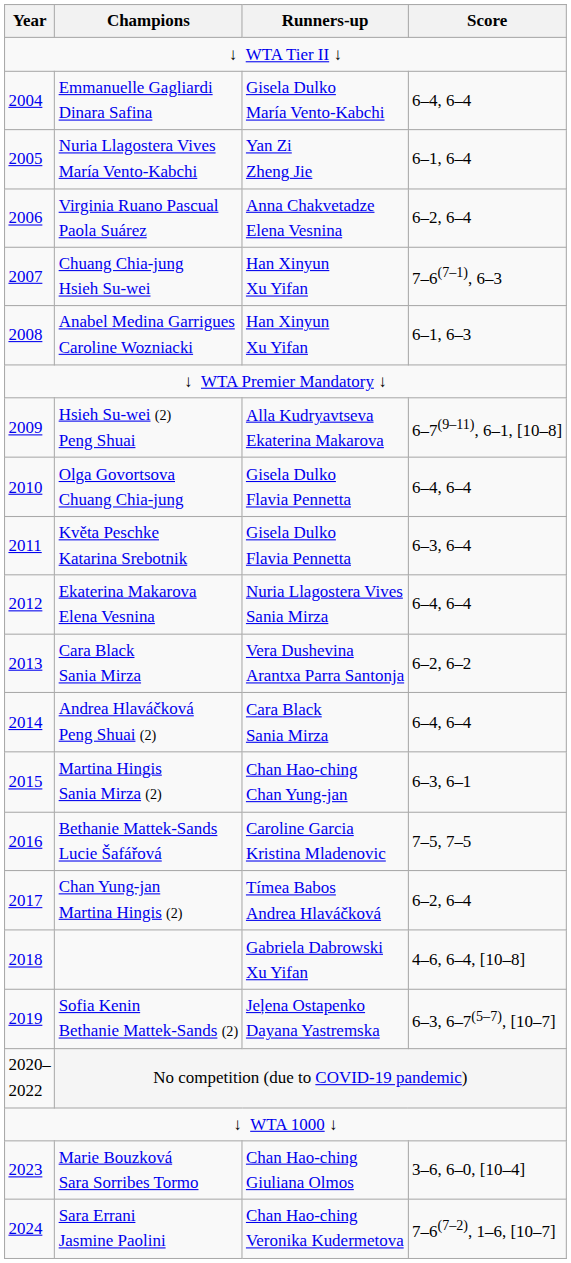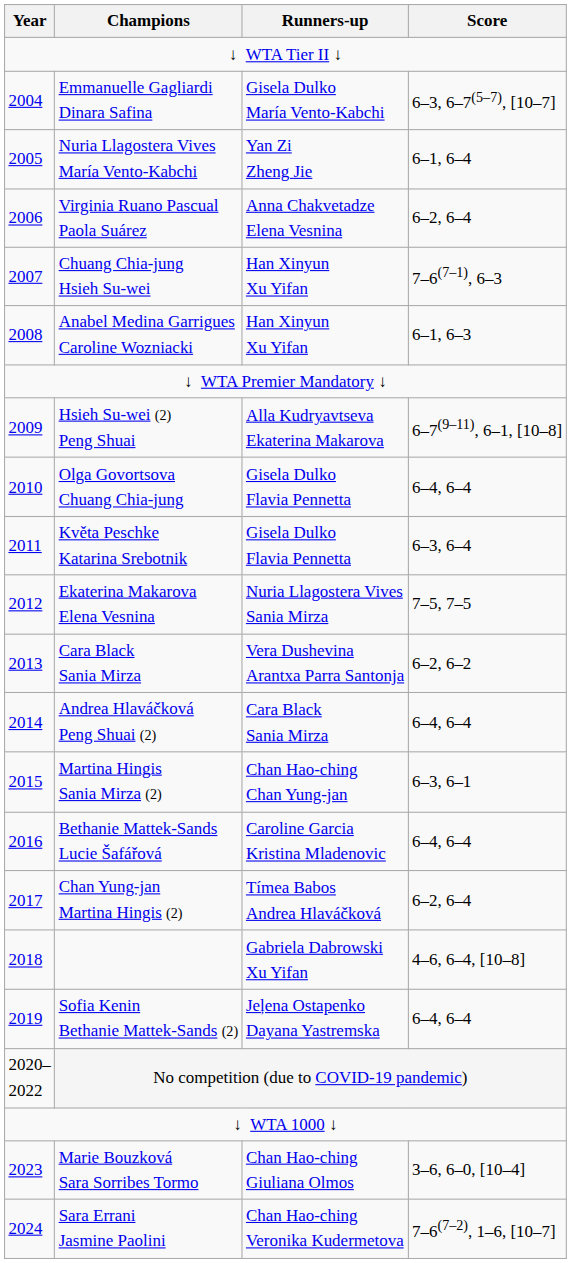 <table class="wikitable sortable" style="font-size:1.00em; line-height:1.5em;">
 <tr>
 <th>Year</th>
 <th>Champions</th>
 <th>Runners-up</th>
 <th>Score</th>
 </tr>
 <tr>
 <td colspan=5 align=center>↓  <a href='#'>WTA Tier II</a> ↓</td>
 </tr>
 <tr>
 <td><a href='#'>2004</a></td>
 <td> <a href='#'>Emmanuelle Gagliardi</a><br> <a href='#'>Dinara Safina</a></td>
 <td> <a href='#'>Gisela Dulko</a><br> <a href='#'>María Vento-Kabchi</a></td>
-<td>6–4, 6–4</td>
+<td>6–3, 6–7<sup>(5–7)</sup>, [10–7]</td>
 </tr>
 <tr>
 <td><a href='#'>2005</a></td>
 <td> <a href='#'>Nuria Llagostera Vives</a><br> <a href='#'>María Vento-Kabchi</a></td>
 <td> <a href='#'>Yan Zi</a><br> <a href='#'>Zheng Jie</a></td>
 <td>6–1, 6–4</td>
 </tr>
 <tr>
 <td><a href='#'>2006</a></td>
 <td> <a href='#'>Virginia Ruano Pascual</a><br> <a href='#'>Paola Suárez</a></td>
 <td> <a href='#'>Anna Chakvetadze</a><br> <a href='#'>Elena Vesnina</a></td>
 <td>6–2, 6–4</td>
 </tr>
 <tr>
 <td><a href='#'>2007</a></td>
 <td> <a href='#'>Chuang Chia-jung</a><br> <a href='#'>Hsieh Su-wei</a></td>
 <td> <a href='#'>Han Xinyun</a><br> <a href='#'>Xu Yifan</a></td>
 <td>7–6<sup>(7–1)</sup>, 6–3</td>
 </tr>
 <tr>
 <td><a href='#'>2008</a></td>
 <td> <a href='#'>Anabel Medina Garrigues</a><br> <a href='#'>Caroline Wozniacki</a></td>
 <td> <a href='#'>Han Xinyun</a><br> <a href='#'>Xu Yifan</a></td>
 <td>6–1, 6–3</td>
 </tr>
 <tr>
 <td colspan=5 align=center>↓  <a href='#'>WTA Premier Mandatory</a> ↓</td>
 </tr>
 <tr>
 <td><a href='#'>2009</a></td>
 <td> <a href='#'>Hsieh Su-wei</a> <small> (2) </small> <br> <a href='#'>Peng Shuai</a></td>
 <td> <a href='#'>Alla Kudryavtseva</a><br> <a href='#'>Ekaterina Makarova</a></td>
 <td>6–7<sup>(9–11)</sup>, 6–1, [10–8]</td>
 </tr>
 <tr>
 <td><a href='#'>2010</a></td>
 <td> <a href='#'>Olga Govortsova</a><br> <a href='#'>Chuang Chia-jung</a></td>
 <td> <a href='#'>Gisela Dulko</a><br> <a href='#'>Flavia Pennetta</a></td>
 <td>6–4, 6–4</td>
 </tr>
 <tr>
 <td><a href='#'>2011</a></td>
 <td> <a href='#'>Květa Peschke</a><br> <a href='#'>Katarina Srebotnik</a></td>
 <td> <a href='#'>Gisela Dulko</a><br> <a href='#'>Flavia Pennetta</a></td>
 <td>6–3, 6–4</td>
 </tr>
 <tr>
 <td><a href='#'>2012</a></td>
 <td> <a href='#'>Ekaterina Makarova</a> <br>  <a href='#'>Elena Vesnina</a></td>
 <td> <a href='#'>Nuria Llagostera Vives</a> <br>  <a href='#'>Sania Mirza</a></td>
-<td>6–4, 6–4</td>
+<td>7–5, 7–5</td>
 </tr>
 <tr>
 <td><a href='#'>2013</a></td>
 <td> <a href='#'>Cara Black</a> <br>  <a href='#'>Sania Mirza</a></td>
 <td> <a href='#'>Vera Dushevina</a> <br>  <a href='#'>Arantxa Parra Santonja</a></td>
 <td>6–2, 6–2</td>
 </tr>
 <tr>
 <td><a href='#'>2014</a></td>
 <td> <a href='#'>Andrea Hlaváčková</a><br> <a href='#'>Peng Shuai</a> <small> (2) </small></td>
 <td> <a href='#'>Cara Black</a><br> <a href='#'>Sania Mirza</a></td>
 <td>6–4, 6–4</td>
 </tr>
 <tr>
 <td><a href='#'>2015</a></td>
 <td> <a href='#'>Martina Hingis</a><br> <a href='#'>Sania Mirza</a> <small> (2) </small></td>
 <td> <a href='#'>Chan Hao-ching</a><br> <a href='#'>Chan Yung-jan</a></td>
 <td>6–3, 6–1</td>
 </tr>
 <tr>
 <td><a href='#'>2016</a></td>
 <td> <a href='#'>Bethanie Mattek-Sands</a><br> <a href='#'>Lucie Šafářová</a></td>
 <td> <a href='#'>Caroline Garcia</a><br> <a href='#'>Kristina Mladenovic</a></td>
-<td>7–5, 7–5</td>
+<td>6–4, 6–4</td>
 </tr>
 <tr>
 <td><a href='#'>2017</a></td>
 <td> <a href='#'>Chan Yung-jan</a><br> <a href='#'>Martina Hingis</a> <small> (2) </small></td>
 <td> <a href='#'>Tímea Babos</a><br> <a href='#'>Andrea Hlaváčková</a></td>
 <td>6–2, 6–4</td>
 </tr>
 <tr>
 <td><a href='#'>2018</a></td>
 <td></td>
 <td> <a href='#'>Gabriela Dabrowski</a><br> <a href='#'>Xu Yifan</a></td>
 <td>4–6, 6–4, [10–8]</td>
 </tr>
 <tr>
 <td><a href='#'>2019</a></td>
 <td> <a href='#'>Sofia Kenin</a><br> <a href='#'>Bethanie Mattek-Sands</a> <small> (2) </small></td>
 <td> <a href='#'>Jeļena Ostapenko</a><br> <a href='#'>Dayana Yastremska</a></td>
-<td>6–3, 6–7<sup>(5–7)</sup>, [10–7]</td>
+<td>6–4, 6–4</td>
 </tr>
 <tr>
 <td>2020–<br>2022</td>
 <td colspan="3" bgcolor="#f5f5f5" align="center">No competition (due to <a href='#'>COVID-19 pandemic</a>)</td>
 </tr>
 <tr>
 <td colspan=5 align=center>↓  <a href='#'>WTA 1000</a> ↓</td>
 </tr>
 <tr>
 <td><a href='#'>2023</a></td>
 <td> <a href='#'>Marie Bouzková</a><br> <a href='#'>Sara Sorribes Tormo</a></td>
 <td> <a href='#'>Chan Hao-ching</a> <br>  <a href='#'>Giuliana Olmos</a></td>
 <td>3–6, 6–0, [10–4]</td>
 </tr>
 <tr>
 <td><a href='#'>2024</a></td>
 <td> <a href='#'>Sara Errani</a><br> <a href='#'>Jasmine Paolini</a></td>
 <td> <a href='#'>Chan Hao-ching</a> <br>  <a href='#'>Veronika Kudermetova</a></td>
 <td>7–6<sup>(7–2)</sup>, 1–6, [10–7]</td>
 </tr>
 </table>
